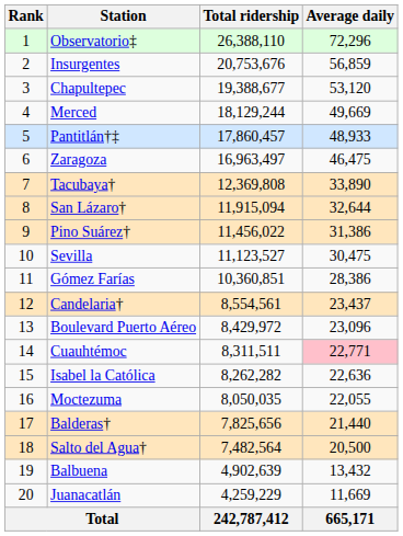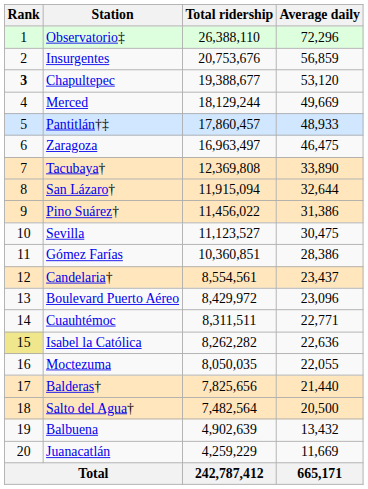 <table class=wikitable style="text-align:center">
 <tr>
 <th>Rank</th>
 <th>Station</th>
 <th>Total ridership</th>
 <th>Average daily</th>
 </tr>
 <tr style="background-color:#DDFFDD">
 <td>1</td>
 <td align=left><a href='#'>Observatorio</a>‡</td>
 <td>26,388,110</td>
 <td>72,296</td>
 </tr>
 <tr>
 <td>2</td>
 <td align=left><a href='#'>Insurgentes</a></td>
 <td>20,753,676</td>
 <td>56,859</td>
 </tr>
 <tr>
-<td>3</td>
+<td><strong>3</strong></td>
 <td align=left><a href='#'>Chapultepec</a></td>
 <td>19,388,677</td>
 <td>53,120</td>
 </tr>
 <tr>
 <td>4</td>
 <td align=left><a href='#'>Merced</a></td>
 <td>18,129,244</td>
 <td>49,669</td>
 </tr>
 <tr style="background-color:#D0E7FF">
 <td>5</td>
 <td align=left><a href='#'>Pantitlán</a>†‡</td>
 <td>17,860,457</td>
 <td>48,933</td>
 </tr>
 <tr>
 <td>6</td>
 <td align=left><a href='#'>Zaragoza</a></td>
 <td>16,963,497</td>
 <td>46,475</td>
 </tr>
 <tr style="background-color:#FFE6BD">
 <td>7</td>
 <td align=left><a href='#'>Tacubaya</a>†</td>
 <td>12,369,808</td>
 <td>33,890</td>
 </tr>
 <tr style="background-color:#FFE6BD">
 <td>8</td>
 <td align=left><a href='#'>San Lázaro</a>†</td>
 <td>11,915,094</td>
 <td>32,644</td>
 </tr>
 <tr style="background-color:#FFE6BD">
 <td>9</td>
 <td align=left><a href='#'>Pino Suárez</a>†</td>
 <td>11,456,022</td>
 <td>31,386</td>
 </tr>
 <tr>
 <td>10</td>
 <td align=left><a href='#'>Sevilla</a></td>
 <td>11,123,527</td>
 <td>30,475</td>
 </tr>
 <tr>
 <td>11</td>
 <td align=left><a href='#'>Gómez Farías</a></td>
 <td>10,360,851</td>
 <td>28,386</td>
 </tr>
 <tr style="background-color:#FFE6BD">
 <td>12</td>
 <td align=left><a href='#'>Candelaria</a>†</td>
 <td>8,554,561</td>
 <td>23,437</td>
 </tr>
 <tr>
 <td>13</td>
 <td align=left><a href='#'>Boulevard Puerto Aéreo</a></td>
 <td>8,429,972</td>
 <td>23,096</td>
 </tr>
 <tr>
 <td>14</td>
 <td align=left><a href='#'>Cuauhtémoc</a></td>
 <td>8,311,511</td>
-<td style="background: pink;">22,771</td>
+<td>22,771</td>
 </tr>
 <tr>
-<td>15</td>
+<td style="background: khaki;">15</td>
 <td align=left><a href='#'>Isabel la Católica</a></td>
 <td>8,262,282</td>
 <td>22,636</td>
 </tr>
 <tr>
 <td>16</td>
 <td align=left><a href='#'>Moctezuma</a></td>
 <td>8,050,035</td>
 <td>22,055</td>
 </tr>
 <tr style="background-color:#FFE6BD">
 <td>17</td>
 <td align=left><a href='#'>Balderas</a>†</td>
 <td>7,825,656</td>
 <td>21,440</td>
 </tr>
 <tr style="background-color:#FFE6BD">
 <td>18</td>
 <td align=left><a href='#'>Salto del Agua</a>†</td>
 <td>7,482,564</td>
 <td>20,500</td>
 </tr>
 <tr>
 <td>19</td>
 <td align=left><a href='#'>Balbuena</a></td>
 <td>4,902,639</td>
 <td>13,432</td>
 </tr>
 <tr>
 <td>20</td>
 <td align=left><a href='#'>Juanacatlán</a></td>
 <td>4,259,229</td>
 <td>11,669</td>
 </tr>
 <tr>
 <th colspan=2>Total</th>
 <th>242,787,412</th>
 <th>665,171</th>
 </tr>
 </table>
